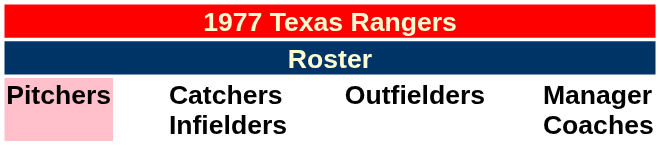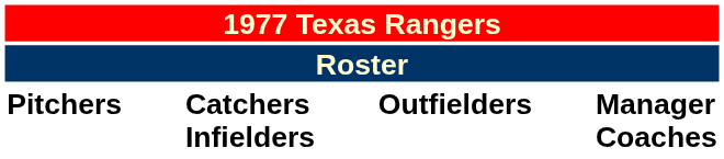 <table class="toccolours" style="font-size: 95%;">
 <tr>
 <th colspan="10" style="background-color: red; color: #FFFDD0; text-align: center;">1977 Texas Rangers</th>
 </tr>
 <tr>
 <td colspan="10" style="background-color: #003366; color: #FFFDD0; text-align: center;"><strong>Roster</strong></td>
 </tr>
 <tr>
-<td valign="top" style="background: pink;"><strong>Pitchers</strong><br>                 </td>
+<td valign="top"><strong>Pitchers</strong><br>                 </td>
 <td width="25px"></td>
 <td valign="top"><strong>Catchers</strong><br>   <strong>Infielders</strong>        </td>
 <td width="25px"></td>
 <td valign="top"><strong>Outfielders</strong><br>            </td>
 <td width="25px"></td>
 <td valign="top"><strong>Manager</strong><br>    <strong>Coaches</strong>    </td>
 </tr>
 <tr>
 </tr>
 </table>
